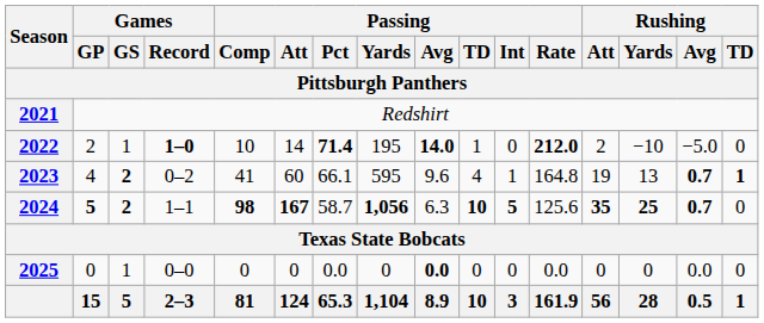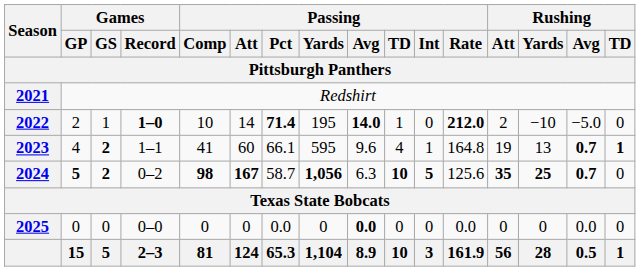 <table class="wikitable" style="text-align:center;">
 <tr>
 <th rowspan="2">Season</th>
 <th colspan="3">Games</th>
 <th colspan="8">Passing</th>
 <th colspan="4">Rushing</th>
 </tr>
 <tr>
 <th>GP</th>
 <th>GS</th>
 <th>Record</th>
 <th>Comp</th>
 <th>Att</th>
 <th>Pct</th>
 <th>Yards</th>
 <th>Avg</th>
 <th>TD</th>
 <th>Int</th>
 <th>Rate</th>
 <th>Att</th>
 <th>Yards</th>
 <th>Avg</th>
 <th>TD</th>
 </tr>
 <tr>
 <th colspan="16">Pittsburgh Panthers</th>
 </tr>
 <tr>
 <th><a href='#'>2021</a></th>
 <td colspan="16"><em>Redshirt </em></td>
 </tr>
 <tr>
 <th><a href='#'>2022</a></th>
 <td>2</td>
 <td>1</td>
 <td><strong>1–0</strong></td>
 <td>10</td>
 <td>14</td>
 <td><strong>71.4</strong></td>
 <td>195</td>
 <td><strong>14.0</strong></td>
 <td>1</td>
 <td>0</td>
 <td><strong>212.0</strong></td>
 <td>2</td>
 <td>−10</td>
 <td>−5.0</td>
 <td>0</td>
 </tr>
 <tr>
 <th><a href='#'>2023</a></th>
 <td>4</td>
 <td><strong>2</strong></td>
-<td>0–2</td>
+<td>1–1</td>
 <td>41</td>
 <td>60</td>
 <td>66.1</td>
 <td>595</td>
 <td>9.6</td>
 <td>4</td>
 <td>1</td>
 <td>164.8</td>
 <td>19</td>
 <td>13</td>
 <td><strong>0.7</strong></td>
 <td><strong>1</strong></td>
 </tr>
 <tr>
 <th><a href='#'>2024</a></th>
 <td><strong>5</strong></td>
 <td><strong>2</strong></td>
-<td>1–1</td>
+<td>0–2</td>
 <td><strong>98</strong></td>
 <td><strong>167</strong></td>
 <td>58.7</td>
 <td><strong>1,056</strong></td>
 <td>6.3</td>
 <td><strong>10</strong></td>
 <td><strong>5</strong></td>
 <td>125.6</td>
 <td><strong>35</strong></td>
 <td><strong>25</strong></td>
 <td><strong>0.7</strong></td>
 <td>0</td>
 </tr>
 <tr>
 <th colspan="16">Texas State Bobcats</th>
 </tr>
 <tr>
 <th><a href='#'>2025</a></th>
 <td>0</td>
-<td>1</td>
+<td>0</td>
 <td>0–0</td>
 <td>0</td>
 <td>0</td>
 <td>0.0</td>
 <td>0</td>
 <td><strong>0.0</strong></td>
 <td>0</td>
 <td>0</td>
 <td>0.0</td>
 <td>0</td>
 <td>0</td>
 <td>0.0</td>
 <td>0</td>
 </tr>
 <tr>
 <th></th>
 <th>15</th>
 <th>5</th>
 <th>2–3</th>
 <th>81</th>
 <th>124</th>
 <th>65.3</th>
 <th>1,104</th>
 <th>8.9</th>
 <th>10</th>
 <th>3</th>
 <th>161.9</th>
 <th>56</th>
 <th>28</th>
 <th>0.5</th>
 <th>1</th>
 </tr>
 </table>
